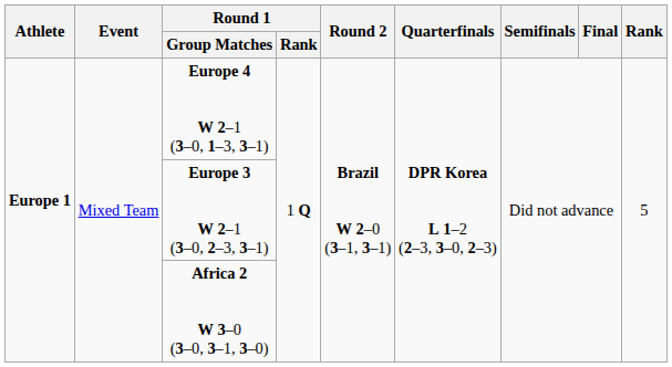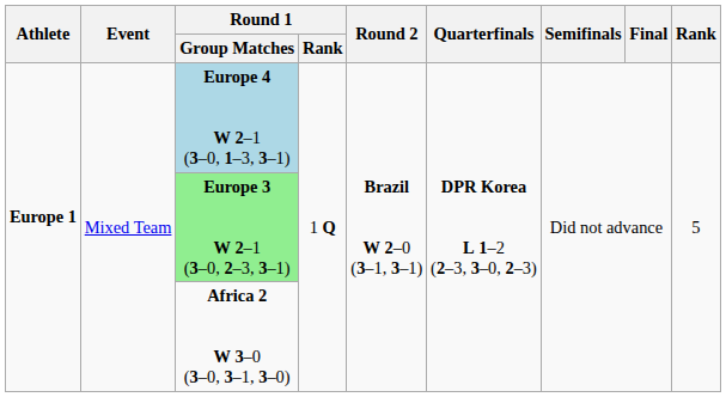 <table class="wikitable" border="1" style="font-size:90%">
 <tr>
 <th rowspan=2>Athlete</th>
 <th rowspan=2>Event</th>
 <th colspan=2>Round 1</th>
 <th rowspan=2>Round 2</th>
 <th rowspan=2>Quarterfinals</th>
 <th rowspan=2>Semifinals</th>
 <th rowspan=2>Final</th>
 <th rowspan=2>Rank</th>
 </tr>
 <tr>
 <th>Group Matches</th>
 <th>Rank</th>
 </tr>
 <tr>
 <td rowspan=3><strong>Europe 1</strong><br><br></td>
 <td rowspan=3><a href='#'>Mixed Team</a></td>
-<td align=center><strong>Europe 4</strong><br><br><br> <strong>W</strong> <strong>2</strong>–1 <br> (<strong>3</strong>–0, <strong>1</strong>–3, <strong>3</strong>–1)</td>
+<td align=center style="background: lightblue;"><strong>Europe 4</strong><br><br><br> <strong>W</strong> <strong>2</strong>–1 <br> (<strong>3</strong>–0, <strong>1</strong>–3, <strong>3</strong>–1)</td>
 <td rowspan=3 align=center>1 <strong>Q</strong></td>
 <td align=center rowspan=3><strong>Brazil</strong><br><br><br> <strong>W</strong> <strong>2</strong>–0 <br> (<strong>3</strong>–1, <strong>3</strong>–1)</td>
 <td align=center rowspan=3><strong>DPR Korea</strong><br><br><br> <strong>L</strong> <strong>1</strong>–2 <br> (<strong>2</strong>–3, <strong>3</strong>–0, <strong>2</strong>–3)</td>
 <td rowspan=3 colspan=2 align=center>Did not advance</td>
 <td rowspan=3 align=center>5</td>
 </tr>
 <tr>
-<td align=center><strong>Europe 3</strong><br><br><br> <strong>W</strong> <strong>2</strong>–1 <br> (<strong>3</strong>–0, <strong>2</strong>–3, <strong>3</strong>–1)</td>
+<td align=center style="background: lightgreen;"><strong>Europe 3</strong><br><br><br> <strong>W</strong> <strong>2</strong>–1 <br> (<strong>3</strong>–0, <strong>2</strong>–3, <strong>3</strong>–1)</td>
 </tr>
 <tr>
 <td align=center><strong>Africa 2</strong><br><br><br> <strong>W</strong> <strong>3</strong>–0 <br> (<strong>3</strong>–0, <strong>3</strong>–1, <strong>3</strong>–0)</td>
 </tr>
 </table>
